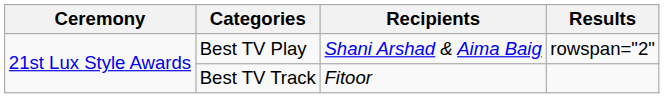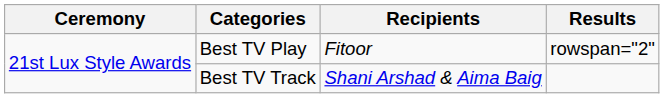 <table class="wikitable style">
 <tr>
 <th>Ceremony</th>
 <th>Categories</th>
 <th>Recipients</th>
 <th>Results</th>
 </tr>
 <tr>
 <td rowspan="2"><a href='#'>21st Lux Style Awards</a></td>
 <td>Best TV Play</td>
-<td><em><a href='#'>Shani Arshad</a> & <a href='#'>Aima Baig</a></em></td>
+<td><em>Fitoor</em></td>
 <td>rowspan="2" </td>
 </tr>
 <tr>
 <td>Best TV Track</td>
-<td><em>Fitoor</em></td>
+<td><em><a href='#'>Shani Arshad</a> & <a href='#'>Aima Baig</a></em></td>
 </tr>
 </table>
